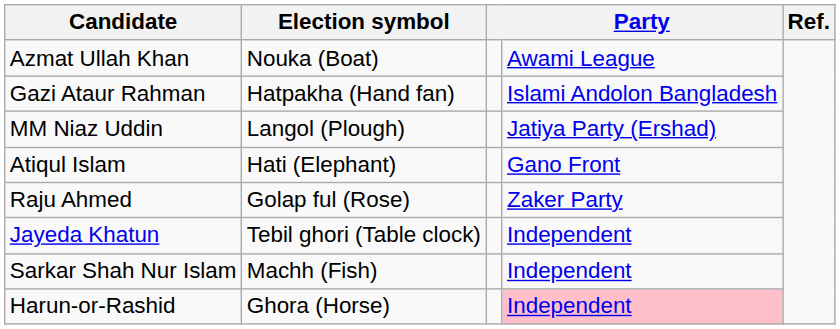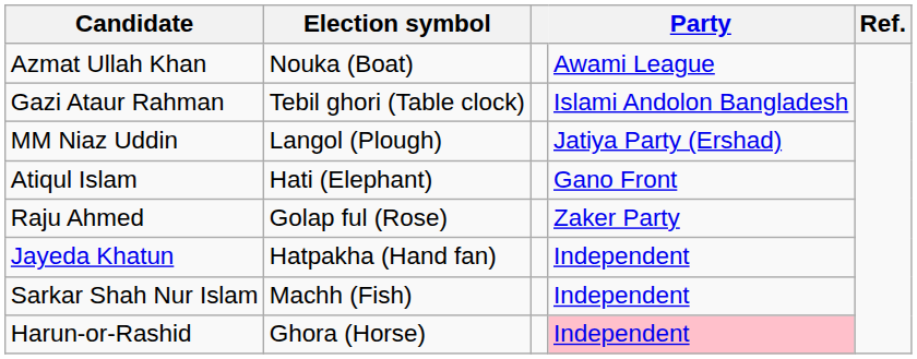 <table class="wikitable">
 <tr>
 <th colspan="1">Candidate</th>
 <th>Election symbol</th>
 <th class=unsortable> </th>
 <th style="border-left-style:hidden; padding:0.1em 0;"><a href='#'>Party</a></th>
 <th>Ref.</th>
 </tr>
 <tr>
 <td>Azmat Ullah Khan</td>
 <td>Nouka (Boat)</td>
 <td></td>
 <td><a href='#'>Awami League</a></td>
 <td rowspan="8"></td>
 </tr>
 <tr>
 <td>Gazi Ataur Rahman</td>
-<td>Hatpakha (Hand fan)</td>
+<td>Tebil ghori (Table clock)</td>
 <td bgcolor=></td>
 <td><a href='#'>Islami Andolon Bangladesh</a></td>
 </tr>
 <tr>
 <td>MM Niaz Uddin</td>
 <td>Langol (Plough)</td>
 <td></td>
 <td><a href='#'>Jatiya Party (Ershad)</a></td>
 </tr>
 <tr>
 <td>Atiqul Islam</td>
 <td>Hati (Elephant)</td>
 <td></td>
 <td><a href='#'>Gano Front</a></td>
 </tr>
 <tr>
 <td>Raju Ahmed</td>
 <td>Golap ful (Rose)</td>
 <td></td>
 <td><a href='#'>Zaker Party</a></td>
 </tr>
 <tr>
 <td><a href='#'>Jayeda Khatun</a></td>
-<td>Tebil ghori (Table clock)</td>
+<td>Hatpakha (Hand fan)</td>
 <td></td>
 <td><a href='#'>Independent</a></td>
 </tr>
 <tr>
 <td>Sarkar Shah Nur Islam</td>
 <td>Machh (Fish)</td>
 <td></td>
 <td><a href='#'>Independent</a></td>
 </tr>
 <tr>
 <td>Harun-or-Rashid</td>
 <td>Ghora (Horse)</td>
 <td></td>
 <td style="background: pink;"><a href='#'>Independent</a></td>
 </tr>
 </table>
